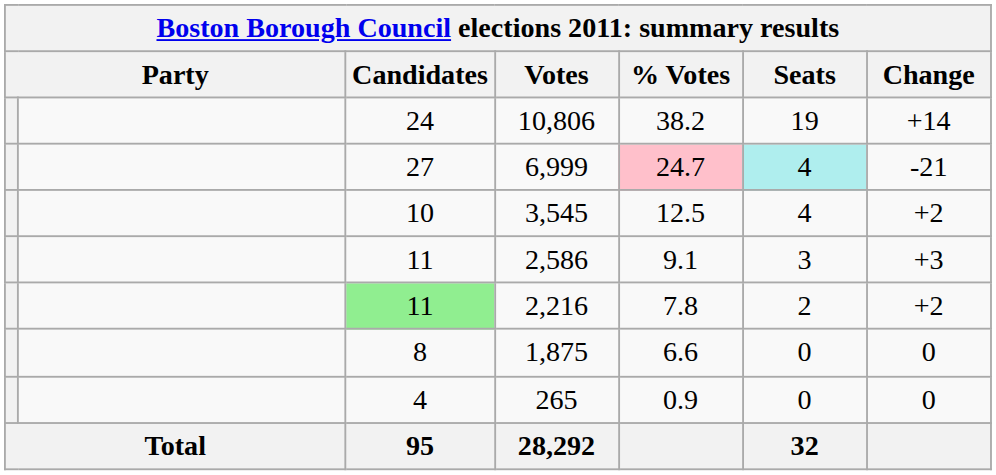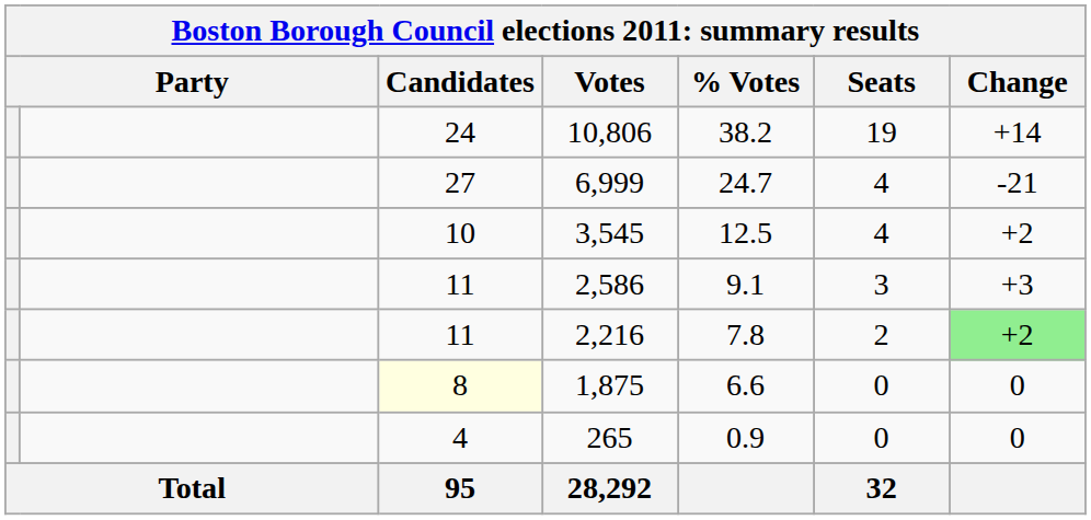 <table class="wikitable" style="font-size: 95%;">
 <tr style="background-color:#E9E9E9">
 <th colspan="7"><a href='#'>Boston Borough Council</a> elections 2011: summary results</th>
 </tr>
 <tr style="background-color:#E9E9E9">
 <th colspan="2">Party</th>
 <th style="width: 60px">Candidates</th>
 <th style="width: 60px">Votes</th>
 <th style="width: 60px">% Votes</th>
 <th style="width: 60px">Seats</th>
 <th style="width: 60px">Change</th>
 </tr>
 <tr>
 <th style="background-color: "></th>
 <td style="width: 170px"><a href='#'></a></td>
 <td align="center">24</td>
 <td align="center">10,806</td>
 <td align="center">38.2</td>
 <td align="center">19</td>
 <td align="center">+14</td>
 </tr>
 <tr>
 <th style="background-color: "></th>
 <td style="width: 170px"><a href='#'></a></td>
 <td align="center">27</td>
 <td align="center">6,999</td>
-<td align="center" style="background: pink;">24.7</td>
-<td align="center" style="background: paleturquoise;">4</td>
+<td align="center">24.7</td>
+<td align="center">4</td>
 <td align="center">-21</td>
 </tr>
 <tr>
 <th style="background-color: "></th>
 <td style="width: 170px"><a href='#'></a></td>
 <td align="center">10</td>
 <td align="center">3,545</td>
 <td align="center">12.5</td>
 <td align="center">4</td>
 <td align="center">+2</td>
 </tr>
 <tr>
 <th style="background-color: "></th>
 <td style="width: 170px"><a href='#'></a></td>
 <td align="center">11</td>
 <td align="center">2,586</td>
 <td align="center">9.1</td>
 <td align="center">3</td>
 <td align="center">+3</td>
 </tr>
 <tr>
 <th style="background-color: "></th>
 <td style="width: 170px"><a href='#'></a></td>
-<td align="center" style="background: lightgreen;">11</td>
+<td align="center">11</td>
 <td align="center">2,216</td>
 <td align="center">7.8</td>
 <td align="center">2</td>
-<td align="center">+2</td>
+<td align="center" style="background: lightgreen;">+2</td>
 </tr>
 <tr>
 <th style="background-color: "></th>
 <td style="width: 170px"><a href='#'></a></td>
-<td align="center">8</td>
+<td align="center" style="background: lightyellow;">8</td>
 <td align="center">1,875</td>
 <td align="center">6.6</td>
 <td align="center">0</td>
 <td align="center">0</td>
 </tr>
 <tr>
 <th style="background-color: "></th>
 <td style="width: 170px"><a href='#'></a></td>
 <td align="center">4</td>
 <td align="center">265</td>
 <td align="center">0.9</td>
 <td align="center">0</td>
 <td align="center">0</td>
 </tr>
 <tr style="background-color:#E9E9E9">
 <th colspan="2">Total</th>
 <th style="width: 60px">95</th>
 <th style="width: 60px">28,292</th>
 <th style="width: 60px"></th>
 <th style="width: 60px">32</th>
 <th style="width: 60px"></th>
 </tr>
 </table>
